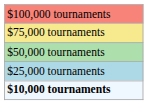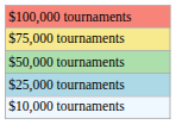 <table class="wikitable" style="font-size:85%; width:13%;">
 <tr style="background:#f88379;">
 <td>$100,000 tournaments</td>
 </tr>
 <tr style="background:#f7e98e;">
 <td>$75,000 tournaments</td>
 </tr>
 <tr style="background:#addfad;">
 <td>$50,000 tournaments</td>
 </tr>
 <tr style="background:lightblue;">
 <td>$25,000 tournaments</td>
 </tr>
 <tr style="background:#f0f8ff;">
-<td><strong>$10,000 tournaments</strong></td>
+<td>$10,000 tournaments</td>
 </tr>
 </table>
